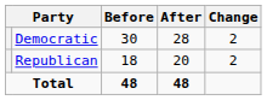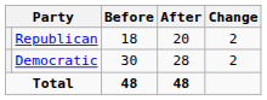 <table class="wikitable" style="text-align:center;">
 <tr>
 <th colspan="2">Party</th>
 <th>Before</th>
 <th>After</th>
 <th>Change</th>
 </tr>
 <tr>
 <th style="background-color:"></th>
-<td style="text-align:left;"><a href='#'>Democratic</a></td>
-<td>30</td>
-<td>28</td>
+<td style="text-align:left;"><a href='#'>Republican</a></td>
+<td>18</td>
+<td>20</td>
 <td> 2</td>
 </tr>
 <tr>
 <th style="background-color:"></th>
-<td style="text-align:left;"><a href='#'>Republican</a></td>
-<td>18</td>
-<td>20</td>
+<td style="text-align:left;"><a href='#'>Democratic</a></td>
+<td>30</td>
+<td>28</td>
 <td> 2</td>
 </tr>
 <tr>
 <td colspan="2"><strong>Total</strong></td>
 <td><strong>48</strong></td>
 <td><strong>48</strong></td>
 <td></td>
 </tr>
 </table>
